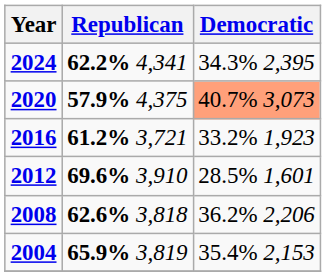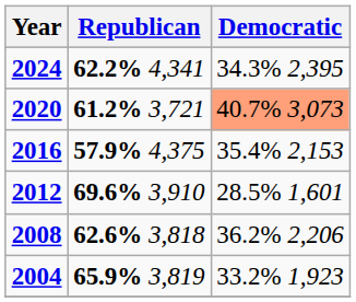 <table class="wikitable" style="float:right; margin: 1em 1em 1em 0; font-size: 95%;">
 <tr>
 <th>Year</th>
 <th><a href='#'>Republican</a></th>
 <th><a href='#'>Democratic</a></th>
 </tr>
 <tr>
 <td style="text-align:center; "><strong><a href='#'>2024</a></strong></td>
 <td style="text-align:center; "><strong>62.2%</strong> <em>4,341</em></td>
 <td style="text-align:center; ">34.3% <em>2,395</em></td>
 </tr>
 <tr>
 <td style="text-align:center; "><strong><a href='#'>2020</a></strong></td>
-<td style="text-align:center; "><strong>57.9%</strong> <em>4,375</em></td>
+<td style="text-align:center; "><strong>61.2%</strong> <em>3,721</em></td>
 <td style="background: lightsalmon; text-align:center; ">40.7%  <em>3,073</em></td>
 </tr>
 <tr>
 <td style="text-align:center; "><strong><a href='#'>2016</a></strong></td>
-<td style="text-align:center; "><strong>61.2%</strong> <em>3,721</em></td>
-<td style="text-align:center; ">33.2% <em>1,923</em></td>
+<td style="text-align:center; "><strong>57.9%</strong> <em>4,375</em></td>
+<td style="text-align:center; ">35.4% <em>2,153</em></td>
 </tr>
 <tr>
 <td style="text-align:center; "><strong><a href='#'>2012</a></strong></td>
 <td style="text-align:center; "><strong>69.6%</strong> <em>3,910</em></td>
 <td style="text-align:center; ">28.5%  <em>1,601</em></td>
 </tr>
 <tr>
 <td style="text-align:center; "><strong><a href='#'>2008</a></strong></td>
 <td style="text-align:center; "><strong>62.6%</strong> <em>3,818</em></td>
 <td style="text-align:center; ">36.2%  <em>2,206</em></td>
 </tr>
 <tr>
 <td style="text-align:center; "><strong><a href='#'>2004</a></strong></td>
 <td style="text-align:center; "><strong>65.9%</strong> <em>3,819</em></td>
-<td style="text-align:center; ">35.4% <em>2,153</em></td>
+<td style="text-align:center; ">33.2% <em>1,923</em></td>
 </tr>
 <tr>
 </tr>
 </table>
